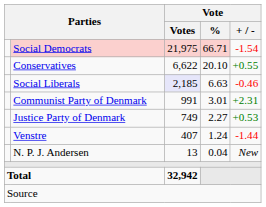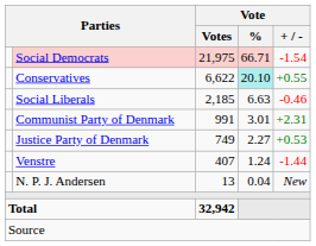 <table class="wikitable" style="text-align:right;">
 <tr>
 <th style="text-align:centre;" rowspan="2" colspan="2" width="225">Parties</th>
 <th colspan="3">Vote</th>
 </tr>
 <tr>
 <th width="15">Votes</th>
 <th width="15">%</th>
 <th width="15">+ / -</th>
 </tr>
 <tr>
 <td width="2" style="color:inherit;background:"></td>
 <td bgcolor=#fbd0ce  align="left"><a href='#'>Social Democrats</a></td>
 <td bgcolor=#fbd0ce>21,975</td>
 <td bgcolor=#fbd0ce>66.71</td>
 <td style=color:red;>-1.54</td>
 </tr>
 <tr>
 <td width="2" style="color:inherit;background:"></td>
 <td align="left"><a href='#'>Conservatives</a></td>
 <td>6,622</td>
-<td>20.10</td>
+<td style="background: paleturquoise;">20.10</td>
 <td style=color:green;>+0.55</td>
 </tr>
 <tr>
 <td width="2" style="color:inherit;background:"></td>
 <td align="left"><a href='#'>Social Liberals</a></td>
-<td style="background: lavender;">2,185</td>
+<td>2,185</td>
 <td>6.63</td>
 <td style=color:red;>-0.46</td>
 </tr>
 <tr>
 <td width="2" style="color:inherit;background:"></td>
 <td align="left"><a href='#'>Communist Party of Denmark</a></td>
 <td>991</td>
 <td>3.01</td>
 <td style=color:green;>+2.31</td>
 </tr>
 <tr>
 <td width="2" style="color:inherit;background:"></td>
 <td align="left"><a href='#'>Justice Party of Denmark</a></td>
 <td>749</td>
 <td>2.27</td>
 <td style=color:green;>+0.53</td>
 </tr>
 <tr>
 <td width="2" style="color:inherit;background:"></td>
 <td align="left"><a href='#'>Venstre</a></td>
 <td>407</td>
 <td>1.24</td>
 <td style=color:red;>-1.44</td>
 </tr>
 <tr>
 <td width="2" style="color:inherit;background:"></td>
 <td align="left">N. P. J. Andersen</td>
 <td>13</td>
 <td>0.04</td>
 <td><em>New</em></td>
 </tr>
 <tr>
 <td colspan="7" bgcolor="#E9E9E9"></td>
 </tr>
 <tr>
 <td align="left" colspan="2"><strong>Total</strong></td>
 <td><strong>32,942</strong></td>
 <td bgcolor="#E9E9E9" colspan="2"></td>
 </tr>
 <tr>
 <td align="left" colspan="6">Source</td>
 </tr>
 </table>
